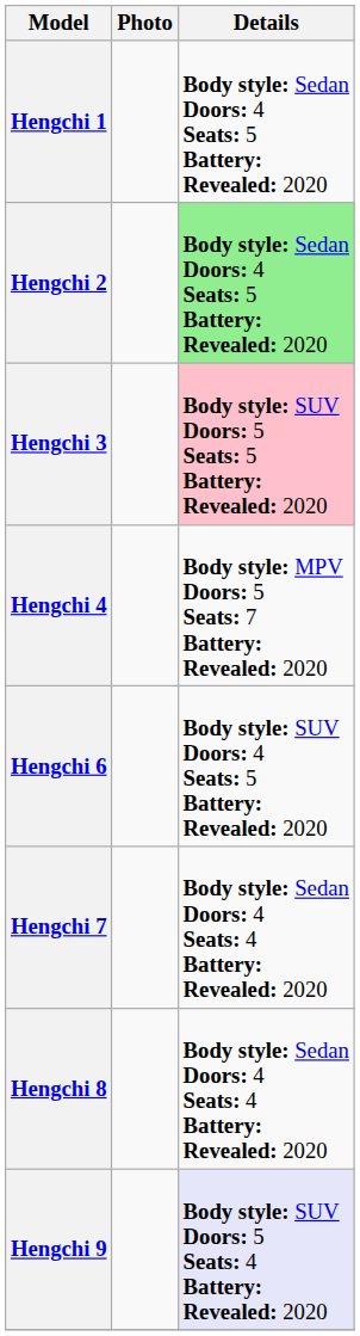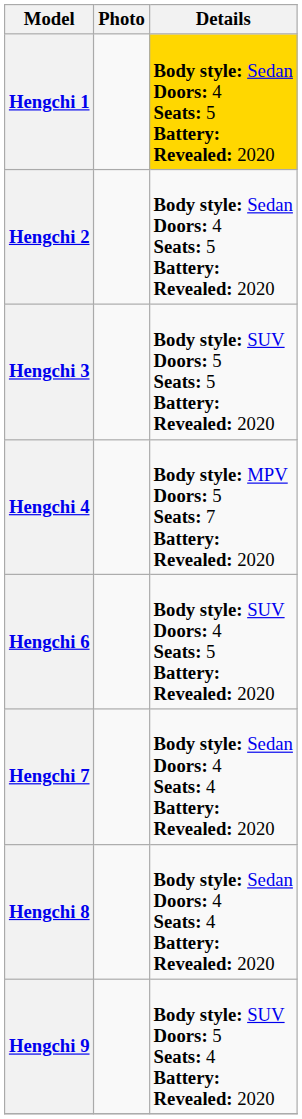 <table class="wikitable">
 <tr>
 <th>Model</th>
 <th>Photo</th>
 <th>Details</th>
 </tr>
 <tr>
 <th><a href='#'>Hengchi 1</a></th>
 <td></td>
-<td><br><strong>Body style:</strong> <a href='#'>Sedan</a><br><strong>Doors:</strong> 4<br><strong>Seats:</strong> 5<br><strong>Battery:</strong><br><strong>Revealed:</strong> 2020</td>
+<td style="background: gold;"><br><strong>Body style:</strong> <a href='#'>Sedan</a><br><strong>Doors:</strong> 4<br><strong>Seats:</strong> 5<br><strong>Battery:</strong><br><strong>Revealed:</strong> 2020</td>
 </tr>
 <tr>
 <th><a href='#'>Hengchi 2</a></th>
 <td></td>
-<td style="background: lightgreen;"><br><strong>Body style:</strong> <a href='#'>Sedan</a><br><strong>Doors:</strong> 4<br><strong>Seats:</strong> 5<br><strong>Battery:</strong><br><strong>Revealed:</strong> 2020</td>
+<td><br><strong>Body style:</strong> <a href='#'>Sedan</a><br><strong>Doors:</strong> 4<br><strong>Seats:</strong> 5<br><strong>Battery:</strong><br><strong>Revealed:</strong> 2020</td>
 </tr>
 <tr>
 <th><a href='#'>Hengchi 3</a></th>
 <td></td>
-<td style="background: pink;"><br><strong>Body style:</strong> <a href='#'>SUV</a><br><strong>Doors:</strong> 5<br><strong>Seats:</strong> 5<br><strong>Battery:</strong><br><strong>Revealed:</strong> 2020</td>
+<td><br><strong>Body style:</strong> <a href='#'>SUV</a><br><strong>Doors:</strong> 5<br><strong>Seats:</strong> 5<br><strong>Battery:</strong><br><strong>Revealed:</strong> 2020</td>
 </tr>
 <tr>
 <th><a href='#'>Hengchi 4</a></th>
 <td></td>
 <td><br><strong>Body style:</strong> <a href='#'>MPV</a><br><strong>Doors:</strong> 5<br><strong>Seats:</strong> 7<br><strong>Battery:</strong><br><strong>Revealed:</strong> 2020</td>
 </tr>
 <tr>
 <th><a href='#'>Hengchi 6</a></th>
 <td></td>
 <td><br><strong>Body style:</strong> <a href='#'>SUV</a><br><strong>Doors:</strong> 4<br><strong>Seats:</strong> 5<br><strong>Battery:</strong><br><strong>Revealed:</strong> 2020</td>
 </tr>
 <tr>
 <th><a href='#'>Hengchi 7</a></th>
 <td></td>
 <td><br><strong>Body style:</strong> <a href='#'>Sedan</a><br><strong>Doors:</strong> 4<br><strong>Seats:</strong> 4<br><strong>Battery:</strong><br><strong>Revealed:</strong> 2020</td>
 </tr>
 <tr>
 <th><a href='#'>Hengchi 8</a></th>
 <td></td>
 <td><br><strong>Body style:</strong> <a href='#'>Sedan</a><br><strong>Doors:</strong> 4<br><strong>Seats:</strong> 4<br><strong>Battery:</strong><br><strong>Revealed:</strong> 2020</td>
 </tr>
 <tr>
 <th><a href='#'>Hengchi 9</a></th>
 <td></td>
-<td style="background: lavender;"><br><strong>Body style:</strong> <a href='#'>SUV</a><br><strong>Doors:</strong> 5<br><strong>Seats:</strong> 4<br><strong>Battery:</strong><br><strong>Revealed:</strong> 2020</td>
+<td><br><strong>Body style:</strong> <a href='#'>SUV</a><br><strong>Doors:</strong> 5<br><strong>Seats:</strong> 4<br><strong>Battery:</strong><br><strong>Revealed:</strong> 2020</td>
 </tr>
 <tr>
 </tr>
 </table>
